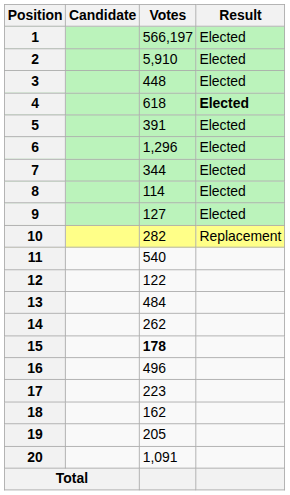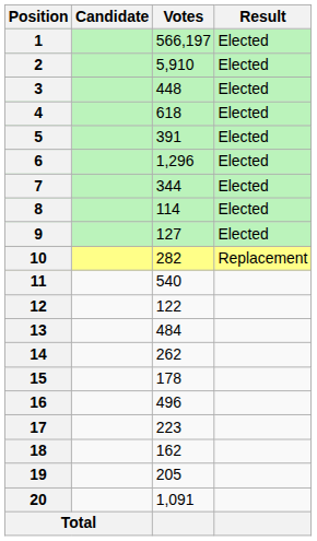 <table class="wikitable sortable col3right">
 <tr>
 <th scope="col">Position</th>
 <th scope="col">Candidate</th>
 <th scope="col">Votes</th>
 <th scope="col">Result</th>
 </tr>
 <tr bgcolor=bbf3bb>
 <th scope="row">1</th>
 <td></td>
 <td>566,197</td>
 <td>Elected</td>
 </tr>
 <tr bgcolor=bbf3bb>
 <th scope="row">2</th>
 <td></td>
 <td>5,910</td>
 <td>Elected</td>
 </tr>
 <tr bgcolor=bbf3bb>
 <th scope="row">3</th>
 <td></td>
 <td>448</td>
 <td>Elected</td>
 </tr>
 <tr bgcolor=bbf3bb>
 <th scope="row">4</th>
 <td></td>
 <td>618</td>
-<td><strong>Elected</strong></td>
+<td>Elected</td>
 </tr>
 <tr bgcolor=bbf3bb>
 <th scope="row">5</th>
 <td></td>
 <td>391</td>
 <td>Elected</td>
 </tr>
 <tr bgcolor=bbf3bb>
 <th scope="row">6</th>
 <td></td>
 <td>1,296</td>
 <td>Elected</td>
 </tr>
 <tr bgcolor=bbf3bb>
 <th scope="row">7</th>
 <td></td>
 <td>344</td>
 <td>Elected</td>
 </tr>
 <tr bgcolor=bbf3bb>
 <th scope="row">8</th>
 <td></td>
 <td>114</td>
 <td>Elected</td>
 </tr>
 <tr bgcolor=bbf3bb>
 <th scope="row">9</th>
 <td></td>
 <td>127</td>
 <td>Elected</td>
 </tr>
 <tr bgcolor=#FF8>
 <th scope="row">10</th>
 <td></td>
 <td>282</td>
 <td>Replacement</td>
 </tr>
 <tr>
 <th scope="row">11</th>
 <td></td>
 <td>540</td>
 <td></td>
 </tr>
 <tr>
 <th scope="row">12</th>
 <td></td>
 <td>122</td>
 <td></td>
 </tr>
 <tr>
 <th scope="row">13</th>
 <td></td>
 <td>484</td>
 <td></td>
 </tr>
 <tr>
 <th scope="row">14</th>
 <td></td>
 <td>262</td>
 <td></td>
 </tr>
 <tr>
 <th scope="row">15</th>
 <td></td>
-<td><strong>178</strong></td>
+<td>178</td>
 <td></td>
 </tr>
 <tr>
 <th scope="row">16</th>
 <td></td>
 <td>496</td>
 <td></td>
 </tr>
 <tr>
 <th scope="row">17</th>
 <td></td>
 <td>223</td>
 <td></td>
 </tr>
 <tr>
 <th scope="row">18</th>
 <td></td>
 <td>162</td>
 <td></td>
 </tr>
 <tr>
 <th scope="row">19</th>
 <td></td>
 <td>205</td>
 <td></td>
 </tr>
 <tr>
 <th scope="row">20</th>
 <td></td>
 <td>1,091</td>
 <td></td>
 </tr>
 <tr class="sortbottom">
 <th scope="row" colspan="2">Total</th>
 <th></th>
 <th></th>
 </tr>
 </table>
